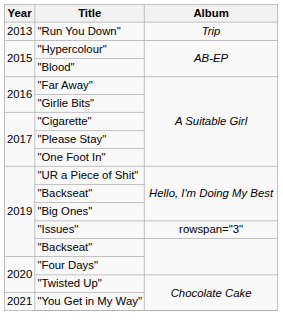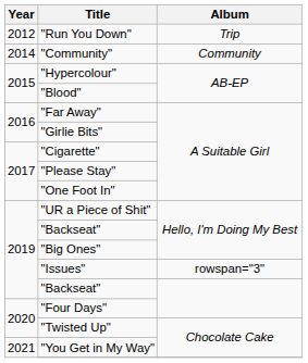 <table class="wikitable" style="text-align:center;">
 <tr>
 <th scope="col">Year</th>
 <th scope="col">Title</th>
 <th scope="col" width="180">Album</th>
 </tr>
 <tr>
-<td>2013</td>
+<td>2012</td>
 <td align="left">"Run You Down"</td>
 <td><em>Trip</em></td>
+</tr>
+<tr>
+<td>2014</td>
+<td align="left">"Community"</td>
+<td><em>Community</em></td>
 </tr>
 <tr>
 <td rowspan="2">2015</td>
 <td align="left">"Hypercolour"</td>
 <td rowspan="2"><em>AB-EP</em></td>
 </tr>
 <tr>
 <td align="left">"Blood"</td>
 </tr>
 <tr>
 <td rowspan="2">2016</td>
 <td align="left">"Far Away"</td>
 <td rowspan="5"><em>A Suitable Girl</em></td>
 </tr>
 <tr>
 <td align="left">"Girlie Bits"</td>
 </tr>
 <tr>
 <td rowspan="3">2017</td>
 <td align="left">"Cigarette"</td>
 </tr>
 <tr>
 <td align="left">"Please Stay"</td>
 </tr>
 <tr>
 <td align="left">"One Foot In"</td>
 </tr>
 <tr>
 <td rowspan="5">2019</td>
 <td align="left">"UR a Piece of Shit"</td>
 <td rowspan="3"><em>Hello, I'm Doing My Best</em></td>
 </tr>
 <tr>
 <td align="left">"Backseat"</td>
 </tr>
 <tr>
 <td align="left">"Big Ones"</td>
 </tr>
 <tr>
 <td align="left">"Issues" </td>
 <td>rowspan="3" </td>
 </tr>
 <tr>
 <td align="left">"Backseat" </td>
 </tr>
 <tr>
 <td rowspan="2">2020</td>
 <td align="left">"Four Days" </td>
 </tr>
 <tr>
 <td align="left">"Twisted Up"</td>
 <td rowspan="2"><em>Chocolate Cake</em></td>
 </tr>
 <tr>
 <td rowspan="2">2021</td>
 <td align="left">"You Get in My Way"</td>
 </tr>
 <tr>
 </tr>
 </table>
